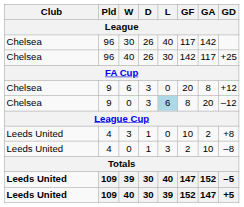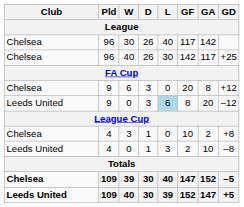 <table class="wikitable" border="1">
 <tr>
 <th width="150">Club</th>
 <th width="25">Pld</th>
 <th width="25">W</th>
 <th width="25">D</th>
 <th width="25">L</th>
 <th width="25">GF</th>
 <th width="25">GA</th>
 <th width="25">GD</th>
 </tr>
 <tr>
 <th colspan="8">League</th>
 </tr>
 <tr>
 <td>Chelsea</td>
 <td align="center">96</td>
 <td align="center">30</td>
 <td align="center">26</td>
 <td align="center">40</td>
 <td align="center">117</td>
 <td align="center">142</td>
 <td align="center"></td>
 </tr>
 <tr>
 <td>Chelsea</td>
 <td align="center">96</td>
 <td align="center">40</td>
 <td align="center">26</td>
 <td align="center">30</td>
 <td align="center">142</td>
 <td align="center">117</td>
 <td align="center">+25</td>
 </tr>
 <tr>
 <th colspan="8"><a href='#'>FA Cup</a></th>
 </tr>
 <tr>
 <td>Chelsea</td>
 <td align="center">9</td>
 <td align="center">6</td>
 <td align="center">3</td>
 <td align="center">0</td>
 <td align="center">20</td>
 <td align="center">8</td>
 <td align="center">+12</td>
 </tr>
 <tr>
-<td>Chelsea</td>
+<td>Leeds United</td>
 <td align="center">9</td>
 <td align="center">0</td>
 <td align="center">3</td>
 <td align="center" style="background: lightblue;">6</td>
 <td align="center">8</td>
 <td align="center">20</td>
 <td align="center">–12</td>
 </tr>
 <tr>
 <th colspan="8"><a href='#'>League Cup</a></th>
 </tr>
 <tr>
-<td>Leeds United</td>
+<td>Chelsea</td>
 <td align="center">4</td>
 <td align="center">3</td>
 <td align="center">1</td>
 <td align="center">0</td>
 <td align="center">10</td>
 <td align="center">2</td>
 <td align="center">+8</td>
 </tr>
 <tr>
 <td>Leeds United</td>
 <td align="center">4</td>
 <td align="center">0</td>
 <td align="center">1</td>
 <td align="center">3</td>
 <td align="center">2</td>
 <td align="center">10</td>
 <td align="center">–8</td>
 </tr>
 <tr>
 <th colspan="8">Totals</th>
 </tr>
 <tr>
-<td><strong>Leeds United</strong></td>
+<td><strong>Chelsea</strong></td>
 <th>109</th>
 <th>39</th>
 <th>30</th>
 <th>40</th>
 <th>147</th>
 <th>152</th>
 <th>–5</th>
 </tr>
 <tr>
 <td><strong>Leeds United</strong></td>
 <th>109</th>
 <th>40</th>
 <th>30</th>
 <th>39</th>
 <th>152</th>
 <th>147</th>
 <th>+5</th>
 </tr>
 </table>
